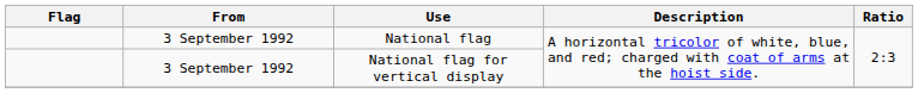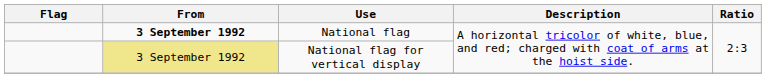 <table class="wikitable" style="text-align:center;">
 <tr>
 <th width="110">Flag</th>
 <th width="200">From</th>
 <th width="200">Use</th>
 <th width="300">Description</th>
 <th width="50">Ratio</th>
 </tr>
 <tr>
 <td rowspan="1"></td>
-<td>3 September 1992</td>
+<td><strong>3 September 1992</strong></td>
 <td>National flag </td>
 <td rowspan="2">A horizontal <a href='#'>tricolor</a> of white, blue, and red; charged with <a href='#'>coat of arms</a> at the <a href='#'>hoist side</a>.</td>
 <td rowspan="2">2:3</td>
 </tr>
 <tr>
 <td rowspan="1"></td>
-<td>3 September 1992</td>
+<td style="background: khaki;">3 September 1992</td>
 <td>National flag for vertical display  </td>
 </tr>
 <tr>
 </tr>
 </table>
